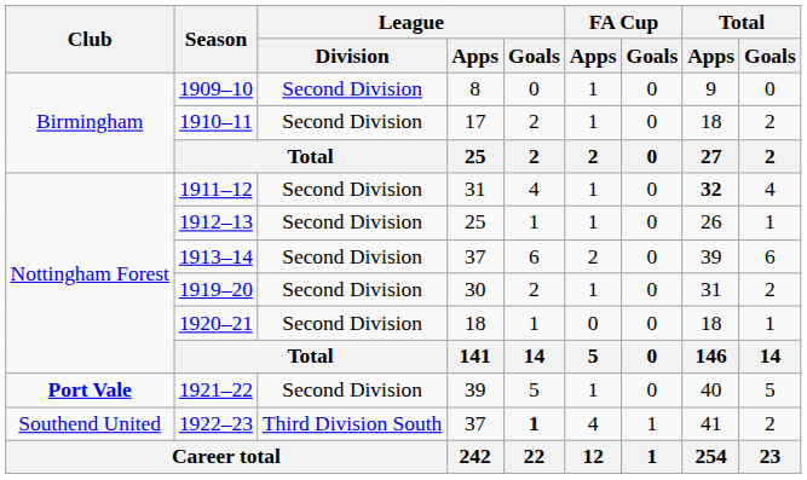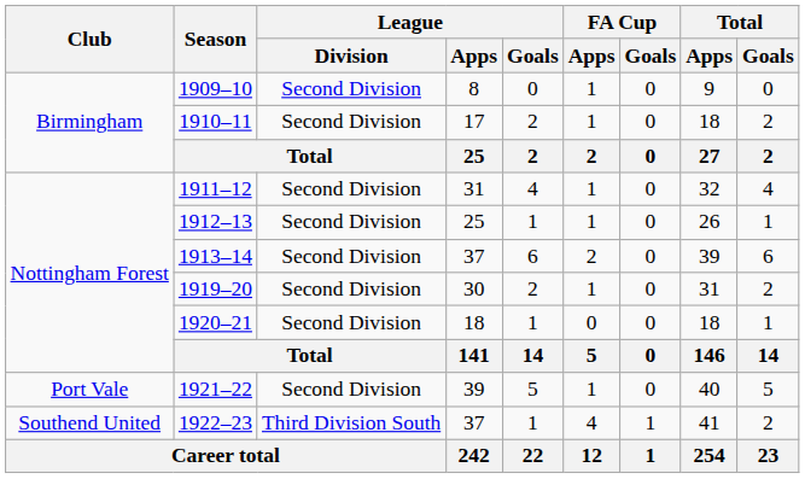 <table class="wikitable" style="text-align: center;">
 <tr>
 <th rowspan="2">Club</th>
 <th rowspan="2">Season</th>
 <th colspan="3">League</th>
 <th colspan="2">FA Cup</th>
 <th colspan="2">Total</th>
 </tr>
 <tr>
 <th>Division</th>
 <th>Apps</th>
 <th>Goals</th>
 <th>Apps</th>
 <th>Goals</th>
 <th>Apps</th>
 <th>Goals</th>
 </tr>
 <tr>
 <td rowspan="3"><a href='#'>Birmingham</a></td>
 <td><a href='#'>1909–10</a></td>
 <td><a href='#'>Second Division</a></td>
 <td>8</td>
 <td>0</td>
 <td>1</td>
 <td>0</td>
 <td>9</td>
 <td>0</td>
 </tr>
 <tr>
 <td><a href='#'>1910–11</a></td>
 <td>Second Division</td>
 <td>17</td>
 <td>2</td>
 <td>1</td>
 <td>0</td>
 <td>18</td>
 <td>2</td>
 </tr>
 <tr>
 <th colspan="2">Total</th>
 <th>25</th>
 <th>2</th>
 <th>2</th>
 <th>0</th>
 <th>27</th>
 <th>2</th>
 </tr>
 <tr>
 <td rowspan="6"><a href='#'>Nottingham Forest</a></td>
 <td><a href='#'>1911–12</a></td>
 <td>Second Division</td>
 <td>31</td>
 <td>4</td>
 <td>1</td>
 <td>0</td>
-<td><strong>32</strong></td>
+<td>32</td>
 <td>4</td>
 </tr>
 <tr>
 <td><a href='#'>1912–13</a></td>
 <td>Second Division</td>
 <td>25</td>
 <td>1</td>
 <td>1</td>
 <td>0</td>
 <td>26</td>
 <td>1</td>
 </tr>
 <tr>
 <td><a href='#'>1913–14</a></td>
 <td>Second Division</td>
 <td>37</td>
 <td>6</td>
 <td>2</td>
 <td>0</td>
 <td>39</td>
 <td>6</td>
 </tr>
 <tr>
 <td><a href='#'>1919–20</a></td>
 <td>Second Division</td>
 <td>30</td>
 <td>2</td>
 <td>1</td>
 <td>0</td>
 <td>31</td>
 <td>2</td>
 </tr>
 <tr>
 <td><a href='#'>1920–21</a></td>
 <td>Second Division</td>
 <td>18</td>
 <td>1</td>
 <td>0</td>
 <td>0</td>
 <td>18</td>
 <td>1</td>
 </tr>
 <tr>
 <th colspan="2">Total</th>
 <th>141</th>
 <th>14</th>
 <th>5</th>
 <th>0</th>
 <th>146</th>
 <th>14</th>
 </tr>
 <tr>
-<td><strong><a href='#'>Port Vale</a></strong></td>
+<td><a href='#'>Port Vale</a></td>
 <td><a href='#'>1921–22</a></td>
 <td>Second Division</td>
 <td>39</td>
 <td>5</td>
 <td>1</td>
 <td>0</td>
 <td>40</td>
 <td>5</td>
 </tr>
 <tr>
 <td><a href='#'>Southend United</a></td>
 <td><a href='#'>1922–23</a></td>
 <td><a href='#'>Third Division South</a></td>
 <td>37</td>
-<td><strong>1</strong></td>
+<td>1</td>
 <td>4</td>
 <td>1</td>
 <td>41</td>
 <td>2</td>
 </tr>
 <tr>
 <th colspan="3">Career total</th>
 <th>242</th>
 <th>22</th>
 <th>12</th>
 <th>1</th>
 <th>254</th>
 <th>23</th>
 </tr>
 </table>
